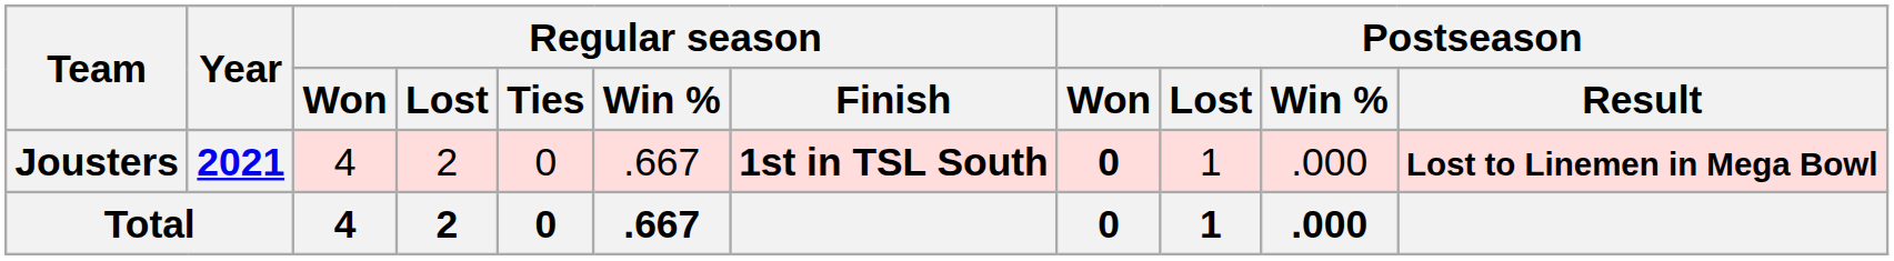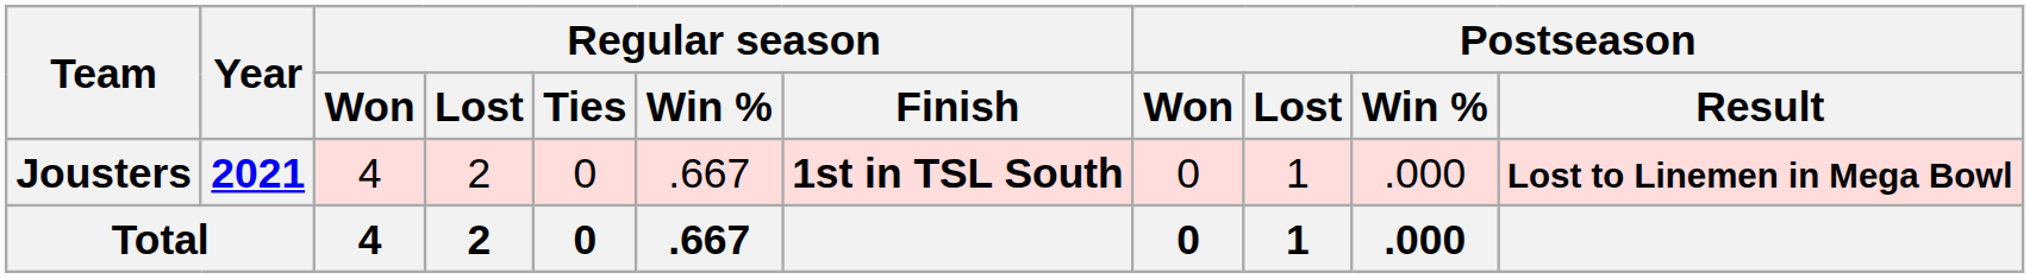 <table class="wikitable" style="font-size: 95%; text-align:center;">
 <tr>
 <th rowspan="2">Team</th>
 <th rowspan="2">Year</th>
 <th colspan="5">Regular season</th>
 <th colspan="4">Postseason</th>
 </tr>
 <tr>
 <th>Won</th>
 <th>Lost</th>
 <th>Ties</th>
 <th>Win %</th>
 <th>Finish</th>
 <th>Won</th>
 <th>Lost</th>
 <th>Win %</th>
 <th>Result</th>
 </tr>
 <tr ! style="background:#fdd;">
 <th>Jousters</th>
 <th><a href='#'>2021</a></th>
 <td>4</td>
 <td>2</td>
 <td>0</td>
 <td>.667</td>
 <td><strong>1st in TSL South</strong></td>
-<td><strong>0</strong></td>
+<td>0</td>
 <td>1</td>
 <td>.000</td>
 <td><small><strong>Lost to Linemen in Mega Bowl</strong></small></td>
 </tr>
 <tr>
 <th colspan="2">Total</th>
 <th>4</th>
 <th>2</th>
 <th>0</th>
 <th>.667</th>
 <th></th>
 <th>0</th>
 <th>1</th>
 <th>.000</th>
 <th></th>
 </tr>
 </table>
